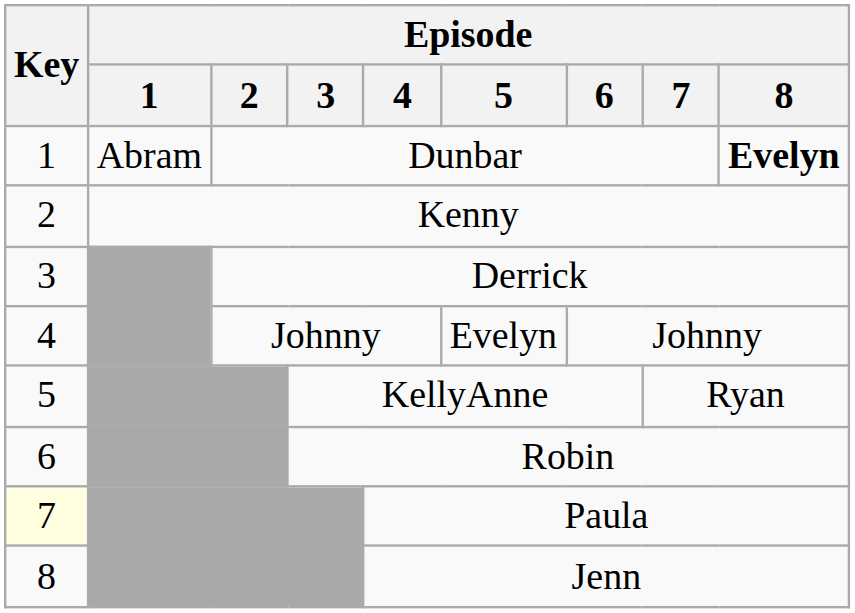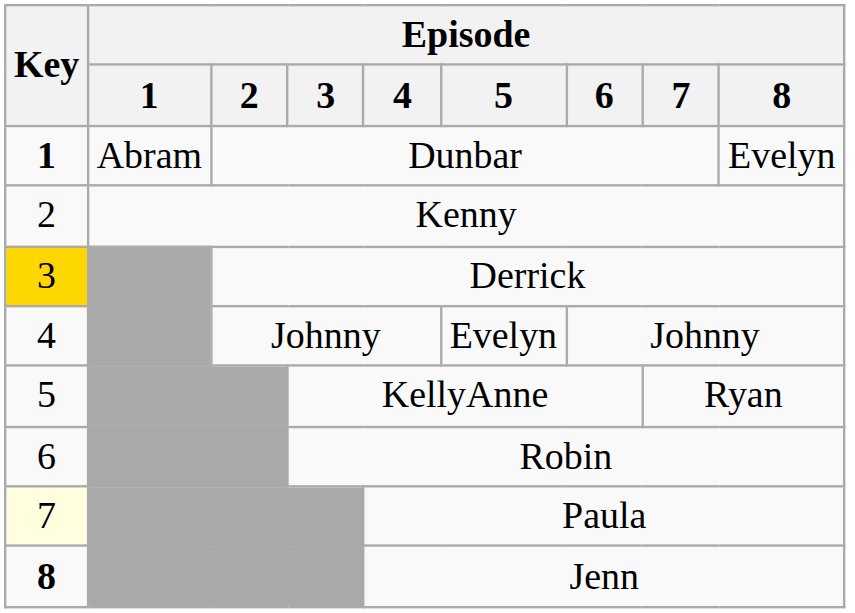 <table class=wikitable style="text-align:center">
 <tr>
 <th rowspan=2>Key</th>
 <th colspan=8>Episode</th>
 </tr>
 <tr>
 <th scope="col" style="width:25px;">1</th>
 <th scope="col" style="width:25px;">2</th>
 <th scope="col" style="width:25px;">3</th>
 <th scope="col" style="width:25px;">4</th>
 <th scope="col" style="width:25px;">5</th>
 <th scope="col" style="width:25px;">6</th>
 <th scope="col" style="width:25px;">7</th>
 <th scope="col" style="width:25px;">8</th>
 </tr>
 <tr>
-<td>1</td>
+<td><strong>1</strong></td>
 <td>Abram</td>
 <td colspan="6">Dunbar</td>
-<td><strong>Evelyn</strong></td>
+<td>Evelyn</td>
 </tr>
 <tr>
 <td>2</td>
 <td colspan="8">Kenny</td>
 </tr>
 <tr>
-<td>3</td>
+<td style="background: gold;">3</td>
 <td colspan=1 bgcolor="darkgrey"></td>
 <td colspan="7">Derrick</td>
 </tr>
 <tr>
 <td>4</td>
 <td colspan=1 bgcolor="darkgrey"></td>
 <td colspan="3">Johnny</td>
 <td>Evelyn</td>
 <td colspan="3">Johnny</td>
 </tr>
 <tr>
 <td>5</td>
 <td colspan=2 bgcolor="darkgrey"></td>
 <td colspan="4">KellyAnne</td>
 <td colspan="2">Ryan</td>
 </tr>
 <tr>
 <td>6</td>
 <td colspan=2 bgcolor="darkgrey"></td>
 <td colspan="6">Robin</td>
 </tr>
 <tr>
 <td style="background: lightyellow;">7</td>
 <td colspan=3 bgcolor="darkgrey"></td>
 <td colspan="5">Paula</td>
 </tr>
 <tr>
-<td>8</td>
+<td><strong>8</strong></td>
 <td colspan=3 bgcolor="darkgrey"></td>
 <td colspan="5">Jenn</td>
 </tr>
 </table>
